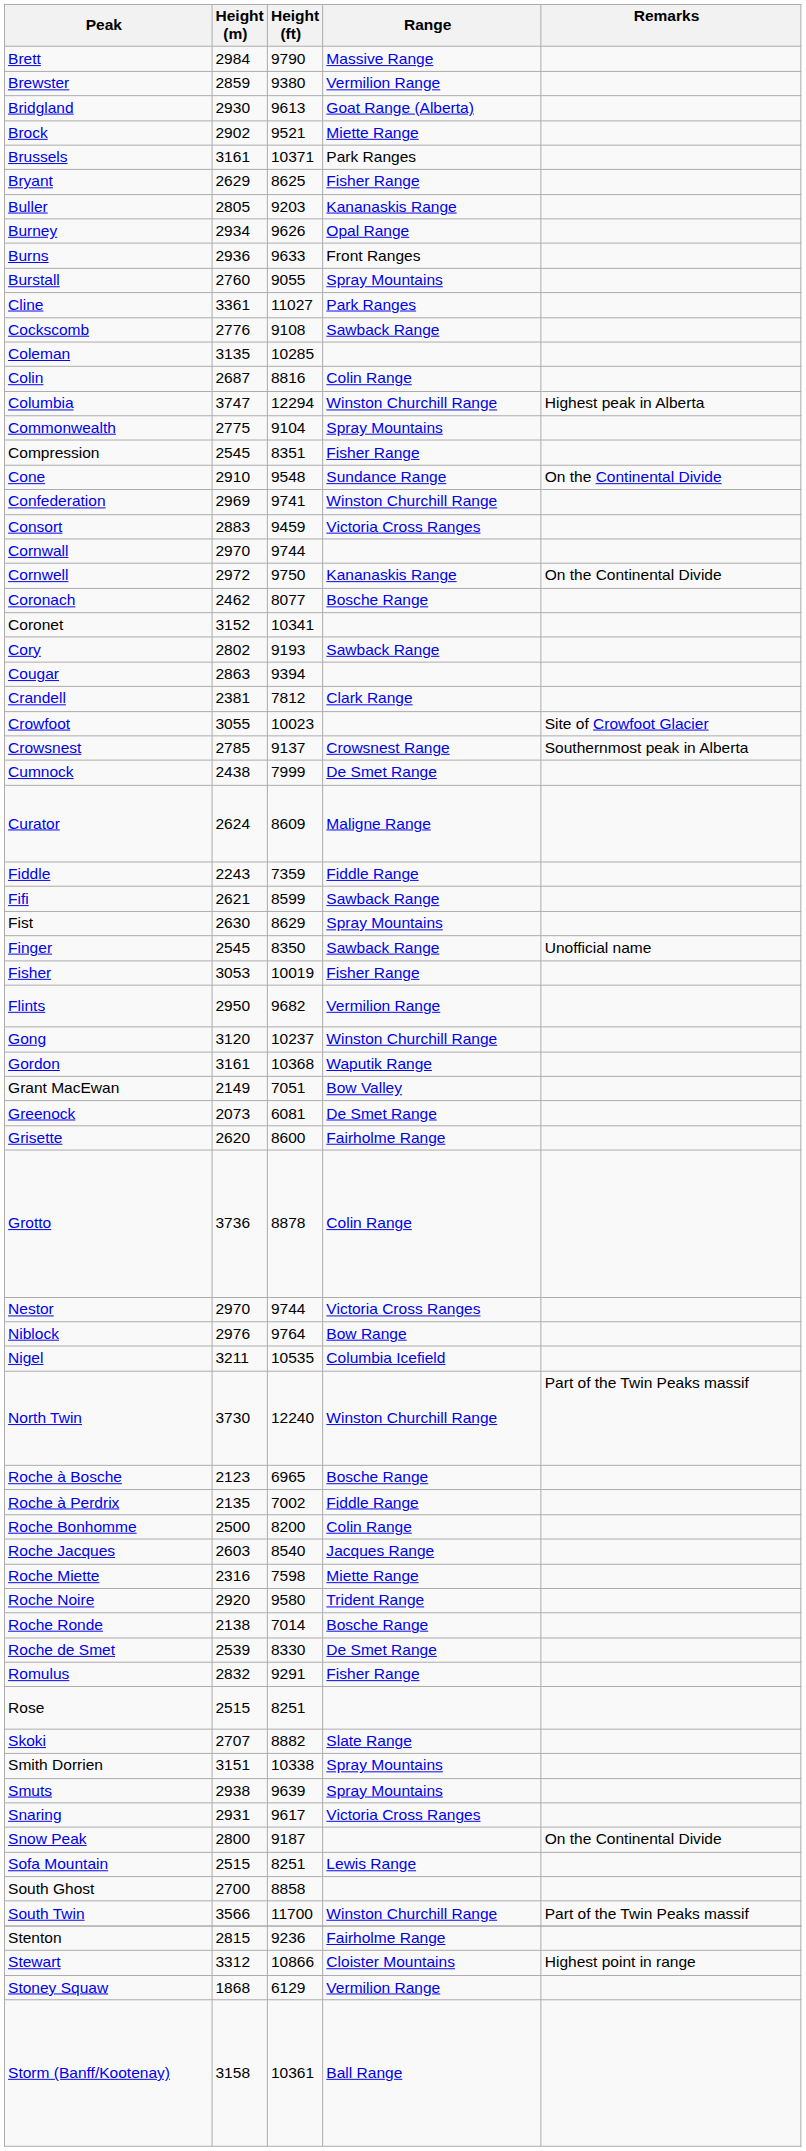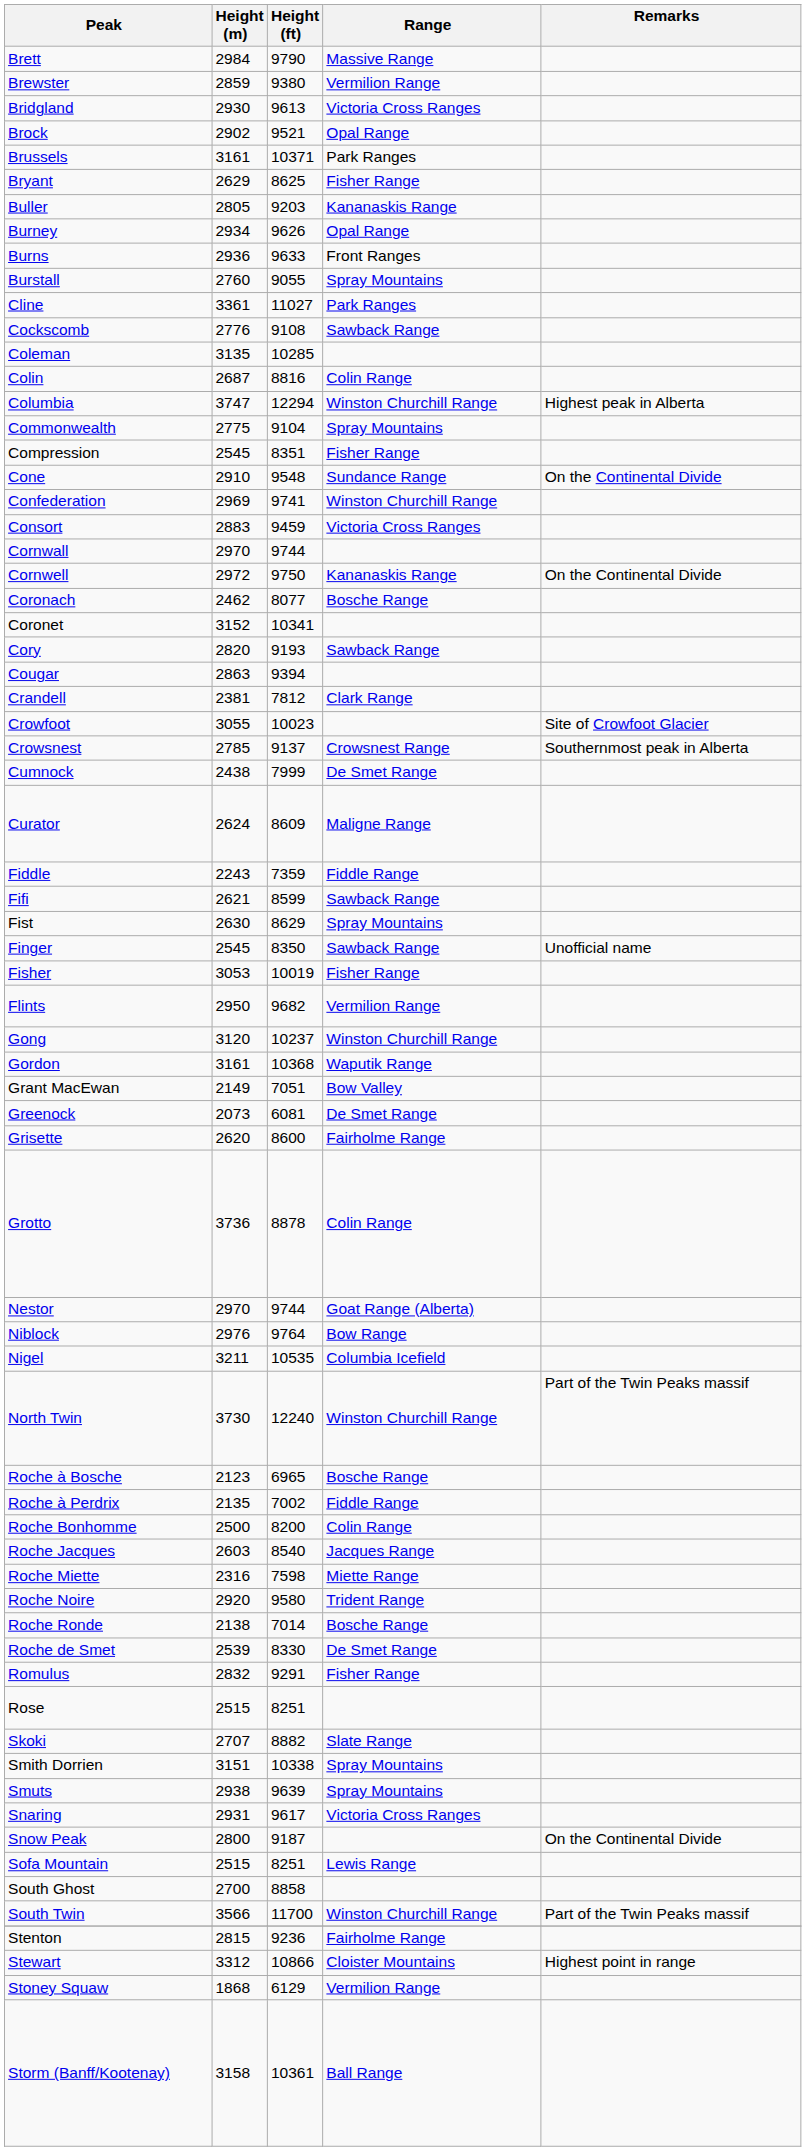 <table class="wikitable sortable" style="width:65%">
 <tr>
 <th style="width:*;"><strong>Peak</strong>  </th>
 <th style="width:5px;"><strong>Height</strong> (m)  </th>
 <th style="width:5px;"><strong>Height</strong> (ft)  </th>
 <th style="width:*;"><strong>Range</strong>  </th>
 <th style="width:*;"><strong>Remarks</strong>  <br>                                  <br>                                                </th>
 </tr>
 <tr>
 <td><a href='#'>Brett</a></td>
 <td>2984</td>
 <td>9790</td>
 <td><a href='#'>Massive Range</a></td>
 <td> </td>
 </tr>
 <tr>
 <td><a href='#'>Brewster</a></td>
 <td>2859</td>
 <td>9380</td>
 <td><a href='#'>Vermilion Range</a></td>
 <td> </td>
 </tr>
 <tr>
 <td><a href='#'>Bridgland</a></td>
 <td>2930</td>
 <td>9613</td>
-<td><a href='#'>Goat Range (Alberta)</a></td>
+<td><a href='#'>Victoria Cross Ranges</a></td>
 <td> </td>
 </tr>
 <tr>
 <td><a href='#'>Brock</a></td>
 <td>2902</td>
 <td>9521</td>
-<td><a href='#'>Miette Range</a></td>
+<td><a href='#'>Opal Range</a></td>
 <td> </td>
 </tr>
 <tr>
 <td><a href='#'>Brussels</a></td>
 <td>3161</td>
 <td>10371</td>
 <td>Park Ranges</td>
 <td> </td>
 </tr>
 <tr>
 <td><a href='#'>Bryant</a></td>
 <td>2629</td>
 <td>8625</td>
 <td><a href='#'>Fisher Range</a></td>
 <td> </td>
 </tr>
 <tr>
 <td><a href='#'>Buller</a></td>
 <td>2805</td>
 <td>9203</td>
 <td><a href='#'>Kananaskis Range</a></td>
 <td> <br></td>
 </tr>
 <tr>
 <td><a href='#'>Burney</a></td>
 <td>2934</td>
 <td>9626</td>
 <td><a href='#'>Opal Range</a></td>
 <td> </td>
 </tr>
 <tr>
 <td><a href='#'>Burns</a></td>
 <td>2936</td>
 <td>9633</td>
 <td>Front Ranges</td>
 <td> </td>
 </tr>
 <tr>
 <td><a href='#'>Burstall</a></td>
 <td>2760</td>
 <td>9055</td>
 <td><a href='#'>Spray Mountains</a></td>
 <td> <br>                                 </td>
 </tr>
 <tr>
 <td><a href='#'>Cline</a></td>
 <td>3361</td>
 <td>11027</td>
 <td><a href='#'>Park Ranges</a></td>
 <td> </td>
 </tr>
 <tr>
 <td><a href='#'>Cockscomb</a></td>
 <td>2776</td>
 <td>9108</td>
 <td><a href='#'>Sawback Range</a></td>
 <td> </td>
 </tr>
 <tr>
 <td><a href='#'>Coleman</a></td>
 <td>3135</td>
 <td>10285</td>
 <td> </td>
 <td> </td>
 </tr>
 <tr>
 <td><a href='#'>Colin</a></td>
 <td>2687</td>
 <td>8816</td>
 <td><a href='#'>Colin Range</a></td>
 <td> </td>
 </tr>
 <tr>
 <td><a href='#'>Columbia</a></td>
 <td>3747</td>
 <td>12294</td>
 <td><a href='#'>Winston Churchill Range</a></td>
 <td>Highest peak in Alberta</td>
 </tr>
 <tr>
 <td><a href='#'>Commonwealth</a></td>
 <td>2775</td>
 <td>9104</td>
 <td><a href='#'>Spray Mountains</a></td>
 <td> </td>
 </tr>
 <tr>
 <td>Compression</td>
 <td>2545</td>
 <td>8351</td>
 <td><a href='#'>Fisher Range</a></td>
 <td> </td>
 </tr>
 <tr>
 <td><a href='#'>Cone</a></td>
 <td>2910</td>
 <td>9548</td>
 <td><a href='#'>Sundance Range</a></td>
 <td>On the <a href='#'>Continental Divide</a></td>
 </tr>
 <tr>
 <td><a href='#'>Confederation</a></td>
 <td>2969</td>
 <td>9741</td>
 <td><a href='#'>Winston Churchill Range</a></td>
 <td> </td>
 </tr>
 <tr>
 <td><a href='#'>Consort</a></td>
 <td>2883</td>
 <td>9459</td>
 <td><a href='#'>Victoria Cross Ranges</a></td>
 <td> <br>  </td>
 </tr>
 <tr>
 <td><a href='#'>Cornwall</a></td>
 <td>2970</td>
 <td>9744</td>
 <td> </td>
 <td> </td>
 </tr>
 <tr>
 <td><a href='#'>Cornwell</a></td>
 <td>2972</td>
 <td>9750</td>
 <td><a href='#'>Kananaskis Range</a></td>
 <td>On the Continental Divide</td>
 </tr>
 <tr>
 <td><a href='#'>Coronach</a></td>
 <td>2462</td>
 <td>8077</td>
 <td><a href='#'>Bosche Range</a></td>
 <td> <br></td>
 </tr>
 <tr>
 <td>Coronet</td>
 <td>3152</td>
 <td>10341</td>
 <td> </td>
 <td> </td>
 </tr>
 <tr>
 <td><a href='#'>Cory</a></td>
-<td>2802</td>
+<td>2820</td>
 <td>9193</td>
 <td><a href='#'>Sawback Range</a></td>
 <td> <br> </td>
 </tr>
 <tr>
 <td><a href='#'>Cougar</a></td>
 <td>2863</td>
 <td>9394</td>
 <td> </td>
 <td> </td>
 </tr>
 <tr>
 <td><a href='#'>Crandell</a></td>
 <td>2381</td>
 <td>7812</td>
 <td><a href='#'>Clark Range</a></td>
 <td> <br></td>
 </tr>
 <tr>
 <td><a href='#'>Crowfoot</a></td>
 <td>3055</td>
 <td>10023</td>
 <td> </td>
 <td>Site of <a href='#'>Crowfoot Glacier</a></td>
 </tr>
 <tr>
 <td><a href='#'>Crowsnest</a></td>
 <td>2785</td>
 <td>9137</td>
 <td><a href='#'>Crowsnest Range</a></td>
 <td>Southernmost peak in Alberta</td>
 </tr>
 <tr>
 <td><a href='#'>Cumnock</a></td>
 <td>2438</td>
 <td>7999</td>
 <td><a href='#'>De Smet Range</a></td>
 <td> </td>
 </tr>
 <tr>
 <td><a href='#'>Curator</a></td>
 <td>2624</td>
 <td>8609</td>
 <td><a href='#'>Maligne Range</a></td>
 <td> <br>   <br>                <br>                         <br>    </td>
 </tr>
 <tr>
 <td><a href='#'>Fiddle</a></td>
 <td>2243</td>
 <td>7359</td>
 <td><a href='#'>Fiddle Range</a></td>
 <td> </td>
 </tr>
 <tr>
 <td><a href='#'>Fifi</a></td>
 <td>2621</td>
 <td>8599</td>
 <td><a href='#'>Sawback Range</a></td>
 <td> </td>
 </tr>
 <tr>
 <td>Fist</td>
 <td>2630</td>
 <td>8629</td>
 <td><a href='#'>Spray Mountains</a></td>
 <td> </td>
 </tr>
 <tr>
 <td><a href='#'>Finger</a></td>
 <td>2545</td>
 <td>8350</td>
 <td><a href='#'>Sawback Range</a></td>
 <td>Unofficial name</td>
 </tr>
 <tr>
 <td><a href='#'>Fisher</a></td>
 <td>3053</td>
 <td>10019</td>
 <td><a href='#'>Fisher Range</a></td>
 <td> </td>
 </tr>
 <tr>
 <td><a href='#'>Flints</a></td>
 <td>2950</td>
 <td>9682</td>
 <td><a href='#'>Vermilion Range</a></td>
 <td> <br>                <br>                 </td>
 </tr>
 <tr>
 <td><a href='#'>Gong</a></td>
 <td>3120</td>
 <td>10237</td>
 <td><a href='#'>Winston Churchill Range</a></td>
 <td> </td>
 </tr>
 <tr>
 <td><a href='#'>Gordon</a></td>
 <td>3161</td>
 <td>10368</td>
 <td><a href='#'>Waputik Range</a></td>
 <td> <br></td>
 </tr>
 <tr>
 <td>Grant MacEwan</td>
 <td>2149</td>
 <td>7051</td>
 <td><a href='#'>Bow Valley</a></td>
 <td> </td>
 </tr>
 <tr>
 <td><a href='#'>Greenock</a></td>
 <td>2073</td>
 <td>6081</td>
 <td><a href='#'>De Smet Range</a></td>
 <td> </td>
 </tr>
 <tr>
 <td><a href='#'>Grisette</a></td>
 <td>2620</td>
 <td>8600</td>
 <td><a href='#'>Fairholme Range</a></td>
 <td> </td>
 </tr>
 <tr>
 <td><a href='#'>Grotto</a></td>
 <td>3736</td>
 <td>8878</td>
 <td><a href='#'>Colin Range</a></td>
 <td> <br><br>                      <br>        <br>         <br>           <br>                             <br>                                           <br>    </td>
 </tr>
 <tr>
 <td><a href='#'>Nestor</a></td>
 <td>2970</td>
 <td>9744</td>
-<td><a href='#'>Victoria Cross Ranges</a></td>
+<td><a href='#'>Goat Range (Alberta)</a></td>
 <td> </td>
 </tr>
 <tr>
 <td><a href='#'>Niblock</a></td>
 <td>2976</td>
 <td>9764</td>
 <td><a href='#'>Bow Range</a></td>
 <td> </td>
 </tr>
 <tr>
 <td><a href='#'>Nigel</a></td>
 <td>3211</td>
 <td>10535</td>
 <td><a href='#'>Columbia Icefield</a></td>
 <td> <br> </td>
 </tr>
 <tr>
 <td><a href='#'>North Twin</a></td>
 <td>3730</td>
 <td>12240</td>
 <td><a href='#'>Winston Churchill Range</a></td>
 <td>Part of the Twin Peaks massif<br> <br>                  <br>                                         <br>   <br>             </td>
 </tr>
 <tr>
 <td><a href='#'>Roche à Bosche</a></td>
 <td>2123</td>
 <td>6965</td>
 <td><a href='#'>Bosche Range</a></td>
 <td> </td>
 </tr>
 <tr>
 <td><a href='#'>Roche à Perdrix</a></td>
 <td>2135</td>
 <td>7002</td>
 <td><a href='#'>Fiddle Range</a></td>
 <td> </td>
 </tr>
 <tr>
 <td><a href='#'>Roche Bonhomme</a></td>
 <td>2500</td>
 <td>8200</td>
 <td><a href='#'>Colin Range</a></td>
 <td> </td>
 </tr>
 <tr>
 <td><a href='#'>Roche Jacques</a></td>
 <td>2603</td>
 <td>8540</td>
 <td><a href='#'>Jacques Range</a></td>
 <td> </td>
 </tr>
 <tr>
 <td><a href='#'>Roche Miette</a></td>
 <td>2316</td>
 <td>7598</td>
 <td><a href='#'>Miette Range</a></td>
 <td> </td>
 </tr>
 <tr>
 <td><a href='#'>Roche Noire</a></td>
 <td>2920</td>
 <td>9580</td>
 <td><a href='#'>Trident Range</a></td>
 <td> </td>
 </tr>
 <tr>
 <td><a href='#'>Roche Ronde</a></td>
 <td>2138</td>
 <td>7014</td>
 <td><a href='#'>Bosche Range</a></td>
 <td> </td>
 </tr>
 <tr>
 <td><a href='#'>Roche de Smet</a></td>
 <td>2539</td>
 <td>8330</td>
 <td><a href='#'>De Smet Range</a></td>
 <td> </td>
 </tr>
 <tr>
 <td><a href='#'>Romulus</a></td>
 <td>2832</td>
 <td>9291</td>
 <td><a href='#'>Fisher Range</a></td>
 <td> </td>
 </tr>
 <tr>
 <td>Rose</td>
 <td>2515</td>
 <td>8251</td>
 <td> </td>
 <td> <br> <br>                     </td>
 </tr>
 <tr>
 <td><a href='#'>Skoki</a></td>
 <td>2707</td>
 <td>8882</td>
 <td><a href='#'>Slate Range</a></td>
 <td> </td>
 </tr>
 <tr>
 <td>Smith Dorrien</td>
 <td>3151</td>
 <td>10338</td>
 <td><a href='#'>Spray Mountains</a></td>
 <td> </td>
 </tr>
 <tr>
 <td><a href='#'>Smuts</a></td>
 <td>2938</td>
 <td>9639</td>
 <td><a href='#'>Spray Mountains</a></td>
 <td> <br></td>
 </tr>
 <tr>
 <td><a href='#'>Snaring</a></td>
 <td>2931</td>
 <td>9617</td>
 <td><a href='#'>Victoria Cross Ranges</a></td>
 <td> <br></td>
 </tr>
 <tr>
 <td><a href='#'>Snow Peak</a></td>
 <td>2800</td>
 <td>9187</td>
 <td></td>
 <td>On the Continental Divide</td>
 </tr>
 <tr>
 <td><a href='#'>Sofa Mountain</a></td>
 <td>2515</td>
 <td>8251</td>
 <td><a href='#'>Lewis Range</a></td>
 <td></td>
 </tr>
 <tr>
 <td>South Ghost</td>
 <td>2700</td>
 <td>8858</td>
 <td> </td>
 <td> </td>
 </tr>
 <tr>
 <td><a href='#'>South Twin</a></td>
 <td>3566</td>
 <td>11700</td>
 <td><a href='#'>Winston Churchill Range</a></td>
 <td>Part of the Twin Peaks massif</td>
 </tr>
 <tr>
 </tr>
 <tr>
 <td>Stenton</td>
 <td>2815</td>
 <td>9236</td>
 <td><a href='#'>Fairholme Range</a></td>
 <td> </td>
 </tr>
 <tr>
 <td><a href='#'>Stewart</a></td>
 <td>3312</td>
 <td>10866</td>
 <td><a href='#'>Cloister Mountains</a></td>
 <td>Highest point in range</td>
 </tr>
 <tr>
 <td><a href='#'>Stoney Squaw</a></td>
 <td>1868</td>
 <td>6129</td>
 <td><a href='#'>Vermilion Range</a></td>
 <td><br></td>
 </tr>
 <tr>
 <td><a href='#'>Storm (Banff/Kootenay)</a></td>
 <td>3158</td>
 <td>10361</td>
 <td><a href='#'>Ball Range</a></td>
 <td> <br>       <br>                                 <br>   <br>   <br>                                  <br> <br>  <br></td>
 </tr>
 </table>
